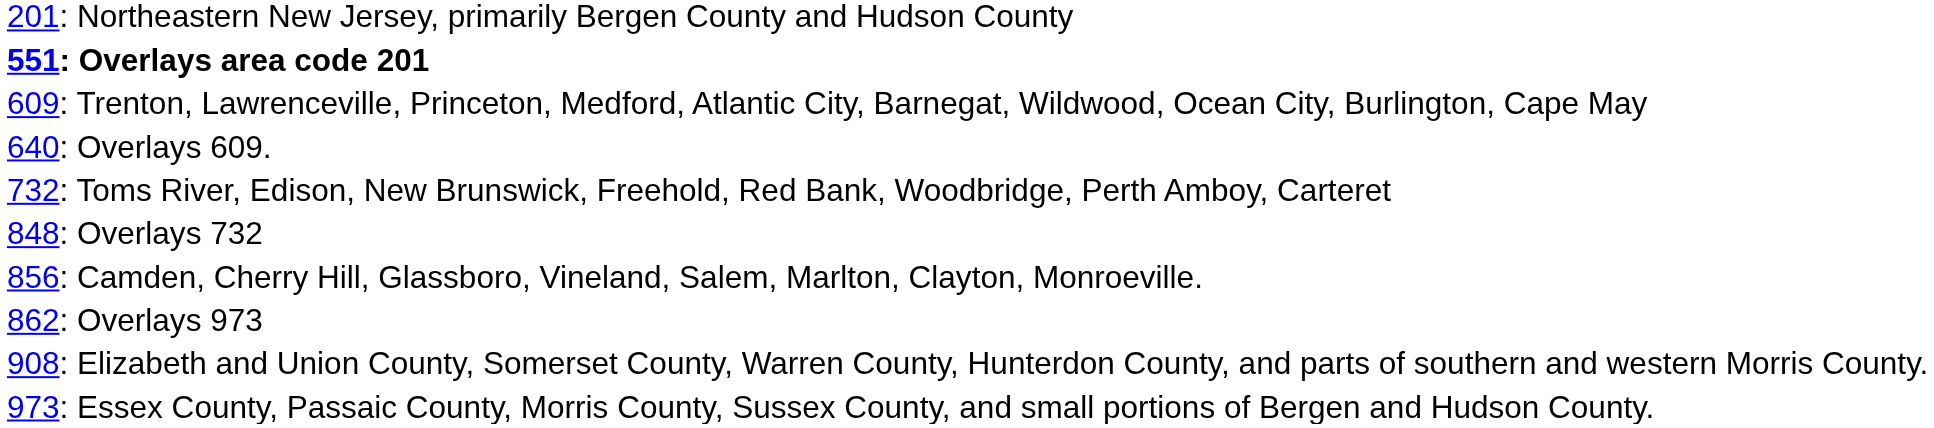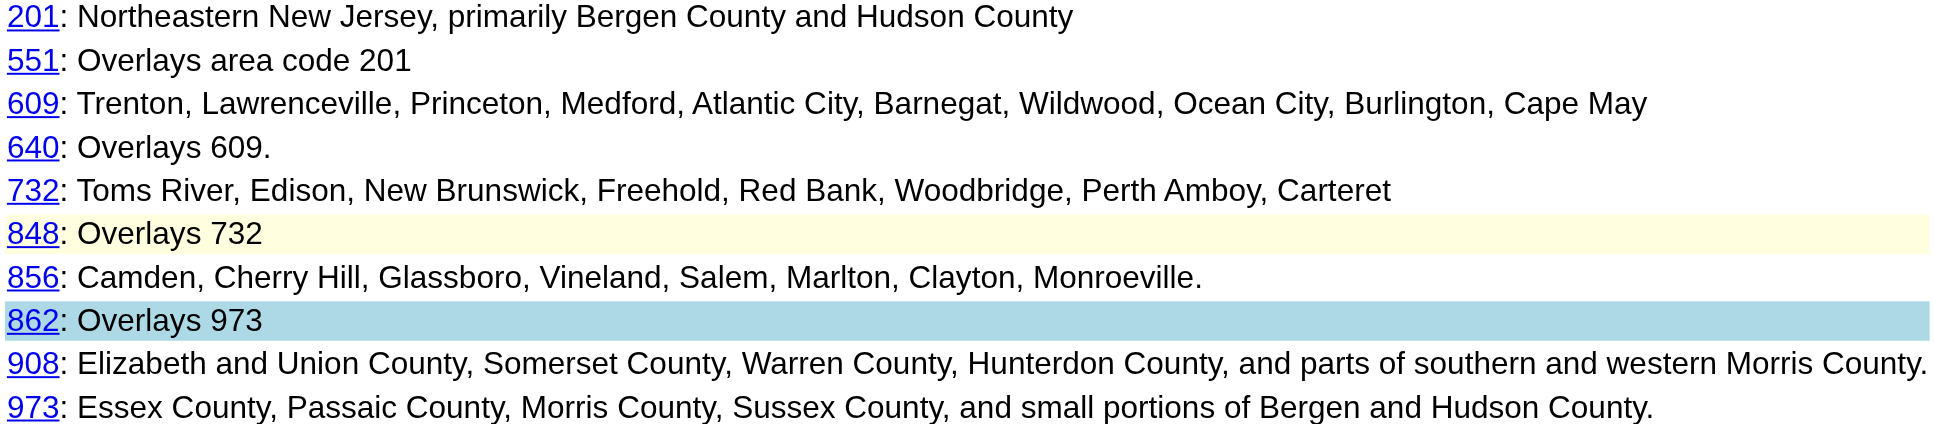 <table>
 <tr>
 <td><a href='#'>201</a>: Northeastern New Jersey, primarily Bergen County and Hudson County</td>
 </tr>
 <tr>
-<td><strong><a href='#'>551</a>: Overlays area code 201</strong></td>
+<td><a href='#'>551</a>: Overlays area code 201</td>
 </tr>
 <tr>
 <td><a href='#'>609</a>: Trenton, Lawrenceville, Princeton, Medford, Atlantic City, Barnegat, Wildwood, Ocean City, Burlington, Cape May</td>
 </tr>
 <tr>
 <td><a href='#'>640</a>: Overlays 609.</td>
 </tr>
 <tr>
 <td><a href='#'>732</a>: Toms River, Edison, New Brunswick, Freehold, Red Bank, Woodbridge, Perth Amboy, Carteret</td>
 </tr>
 <tr>
-<td><a href='#'>848</a>: Overlays 732</td>
+<td style="background: lightyellow;"><a href='#'>848</a>: Overlays 732</td>
 </tr>
 <tr>
 <td><a href='#'>856</a>: Camden, Cherry Hill, Glassboro, Vineland, Salem, Marlton, Clayton, Monroeville.</td>
 </tr>
 <tr>
-<td><a href='#'>862</a>: Overlays 973</td>
+<td style="background: lightblue;"><a href='#'>862</a>: Overlays 973</td>
 </tr>
 <tr>
 <td><a href='#'>908</a>: Elizabeth and Union County, Somerset County, Warren County, Hunterdon County, and parts of southern and western Morris County.</td>
 </tr>
 <tr>
 <td><a href='#'>973</a>: Essex County, Passaic County, Morris County, Sussex County, and small portions of Bergen and Hudson County.</td>
 </tr>
 <tr>
 </tr>
 </table>
